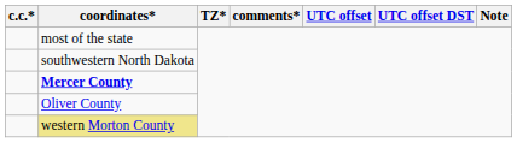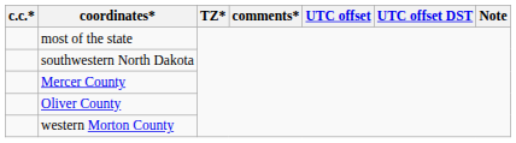 <table class="wikitable sortable">
 <tr>
 <th>c.c.*</th>
 <th>coordinates*</th>
 <th>TZ*</th>
 <th>comments*</th>
 <th><a href='#'>UTC offset</a></th>
 <th><a href='#'>UTC offset DST</a></th>
 <th>Note</th>
 </tr>
 <tr>
 <td></td>
 <td>most of the state</td>
 </tr>
 <tr>
 <td></td>
 <td>southwestern North Dakota</td>
 </tr>
 <tr>
 <td></td>
-<td><strong><a href='#'>Mercer County</a></strong></td>
+<td><a href='#'>Mercer County</a></td>
 </tr>
 <tr>
 <td></td>
 <td><a href='#'>Oliver County</a></td>
 </tr>
 <tr>
 <td></td>
-<td style="background: khaki;">western <a href='#'>Morton County</a></td>
+<td>western <a href='#'>Morton County</a></td>
 </tr>
 </table>
